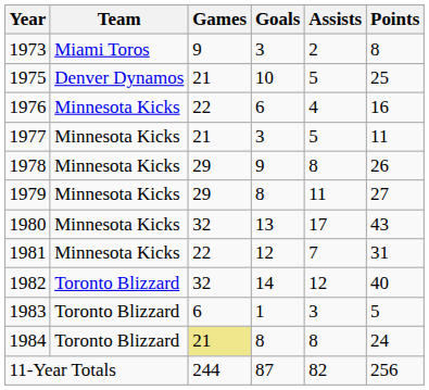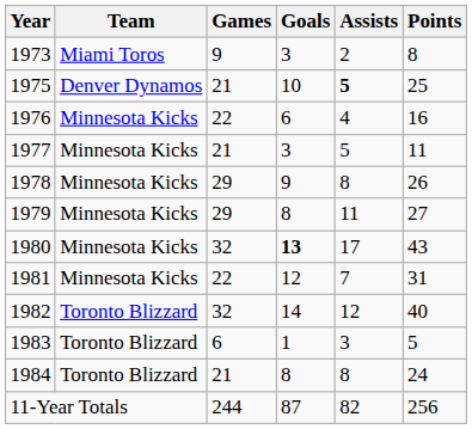 <table class="wikitable">
 <tr>
 <th>Year</th>
 <th>Team</th>
 <th>Games</th>
 <th>Goals</th>
 <th>Assists</th>
 <th>Points</th>
 </tr>
 <tr>
 <td>1973</td>
 <td><a href='#'>Miami Toros</a></td>
 <td>9</td>
 <td>3</td>
 <td>2</td>
 <td>8</td>
 </tr>
 <tr>
 <td>1975</td>
 <td><a href='#'>Denver Dynamos</a></td>
 <td>21</td>
 <td>10</td>
-<td>5</td>
+<td><strong>5</strong></td>
 <td>25</td>
 </tr>
 <tr>
 <td>1976</td>
 <td><a href='#'>Minnesota Kicks</a></td>
 <td>22</td>
 <td>6</td>
 <td>4</td>
 <td>16</td>
 </tr>
 <tr>
 <td>1977</td>
 <td>Minnesota Kicks</td>
 <td>21</td>
 <td>3</td>
 <td>5</td>
 <td>11</td>
 </tr>
 <tr>
 <td>1978</td>
 <td>Minnesota Kicks</td>
 <td>29</td>
 <td>9</td>
 <td>8</td>
 <td>26</td>
 </tr>
 <tr>
 <td>1979</td>
 <td>Minnesota Kicks</td>
 <td>29</td>
 <td>8</td>
 <td>11</td>
 <td>27</td>
 </tr>
 <tr>
 <td>1980</td>
 <td>Minnesota Kicks</td>
 <td>32</td>
-<td>13</td>
+<td><strong>13</strong></td>
 <td>17</td>
 <td>43</td>
 </tr>
 <tr>
 <td>1981</td>
 <td>Minnesota Kicks</td>
 <td>22</td>
 <td>12</td>
 <td>7</td>
 <td>31</td>
 </tr>
 <tr>
 <td>1982</td>
 <td><a href='#'>Toronto Blizzard</a></td>
 <td>32</td>
 <td>14</td>
 <td>12</td>
 <td>40</td>
 </tr>
 <tr>
 <td>1983</td>
 <td>Toronto Blizzard</td>
 <td>6</td>
 <td>1</td>
 <td>3</td>
 <td>5</td>
 </tr>
 <tr>
 <td>1984</td>
 <td>Toronto Blizzard</td>
-<td style="background: khaki;">21</td>
+<td>21</td>
 <td>8</td>
 <td>8</td>
 <td>24</td>
 </tr>
 <tr>
 <td colspan="2">11-Year Totals</td>
 <td>244</td>
 <td>87</td>
 <td>82</td>
 <td>256</td>
 </tr>
 </table>
